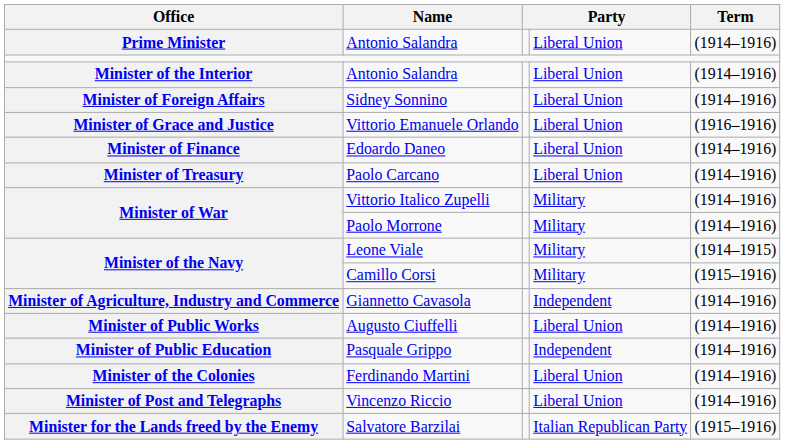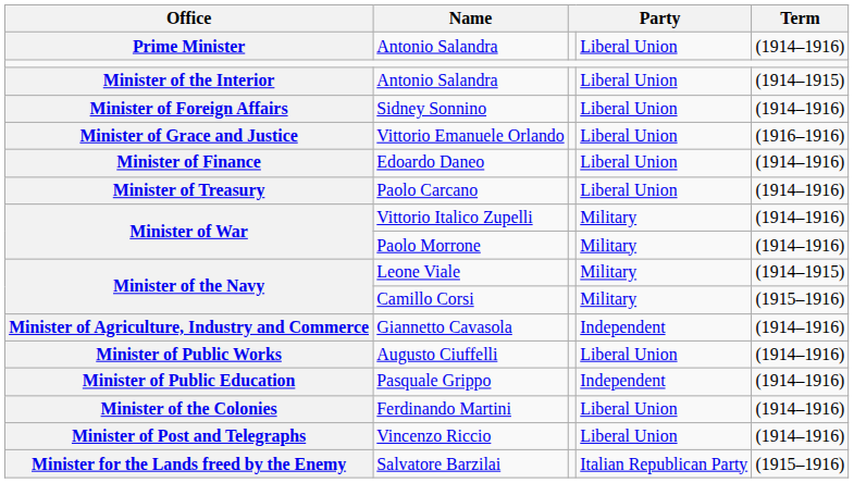 <table class="wikitable" style="font-size: 100%;">
 <tr>
 <th>Office</th>
 <th>Name</th>
 <th colspan=2>Party</th>
 <th>Term</th>
 </tr>
 <tr>
 <th><a href='#'>Prime Minister</a></th>
 <td><a href='#'>Antonio Salandra</a></td>
 <td style="color:inherit;background:"></td>
 <td><a href='#'>Liberal Union</a></td>
 <td>(1914–1916)</td>
 </tr>
 <tr>
 <td colspan=6></td>
 </tr>
 <tr>
 <th><a href='#'>Minister of the Interior</a></th>
 <td><a href='#'>Antonio Salandra</a></td>
 <td style="color:inherit;background:"></td>
 <td><a href='#'>Liberal Union</a></td>
-<td>(1914–1916)</td>
+<td>(1914–1915)</td>
 </tr>
 <tr>
 <th><a href='#'>Minister of Foreign Affairs</a></th>
 <td><a href='#'>Sidney Sonnino</a></td>
 <td style="color:inherit;background:"></td>
 <td><a href='#'>Liberal Union</a></td>
 <td>(1914–1916)</td>
 </tr>
 <tr>
 <th><a href='#'>Minister of Grace and Justice</a></th>
 <td><a href='#'>Vittorio Emanuele Orlando</a></td>
 <td style="color:inherit;background:"></td>
 <td><a href='#'>Liberal Union</a></td>
 <td>(1916–1916)</td>
 </tr>
 <tr>
 <th><a href='#'>Minister of Finance</a></th>
 <td><a href='#'>Edoardo Daneo</a></td>
 <td style="color:inherit;background:"></td>
 <td><a href='#'>Liberal Union</a></td>
 <td>(1914–1916)</td>
 </tr>
 <tr>
 <th><a href='#'>Minister of Treasury</a></th>
 <td><a href='#'>Paolo Carcano</a></td>
 <td style="color:inherit;background:"></td>
 <td><a href='#'>Liberal Union</a></td>
 <td>(1914–1916)</td>
 </tr>
 <tr>
 <th rowspan=2><a href='#'>Minister of War</a></th>
 <td><a href='#'>Vittorio Italico Zupelli</a></td>
 <td style="color:inherit;background:"></td>
 <td><a href='#'>Military</a></td>
 <td>(1914–1916)</td>
 </tr>
 <tr>
 <td><a href='#'>Paolo Morrone</a></td>
 <td style="color:inherit;background:"></td>
 <td><a href='#'>Military</a></td>
 <td>(1914–1916)</td>
 </tr>
 <tr>
 <th rowspan=2><a href='#'>Minister of the Navy</a></th>
 <td><a href='#'>Leone Viale</a></td>
 <td style="color:inherit;background:"></td>
 <td><a href='#'>Military</a></td>
 <td>(1914–1915)</td>
 </tr>
 <tr>
 <td><a href='#'>Camillo Corsi</a></td>
 <td style="color:inherit;background:"></td>
 <td><a href='#'>Military</a></td>
 <td>(1915–1916)</td>
 </tr>
 <tr>
 <th><a href='#'>Minister of Agriculture, Industry and Commerce</a></th>
 <td><a href='#'>Giannetto Cavasola</a></td>
 <td style="color:inherit;background:"></td>
 <td><a href='#'>Independent</a></td>
 <td>(1914–1916)</td>
 </tr>
 <tr>
 <th><a href='#'>Minister of Public Works</a></th>
 <td><a href='#'>Augusto Ciuffelli</a></td>
 <td style="color:inherit;background:"></td>
 <td><a href='#'>Liberal Union</a></td>
 <td>(1914–1916)</td>
 </tr>
 <tr>
 <th><a href='#'>Minister of Public Education</a></th>
 <td><a href='#'>Pasquale Grippo</a></td>
 <td style="color:inherit;background:"></td>
 <td><a href='#'>Independent</a></td>
 <td>(1914–1916)</td>
 </tr>
 <tr>
 <th><a href='#'>Minister of the Colonies</a></th>
 <td><a href='#'>Ferdinando Martini</a></td>
 <td style="color:inherit;background:"></td>
 <td><a href='#'>Liberal Union</a></td>
 <td>(1914–1916)</td>
 </tr>
 <tr>
 <th><a href='#'>Minister of Post and Telegraphs</a></th>
 <td><a href='#'>Vincenzo Riccio</a></td>
 <td style="color:inherit;background:"></td>
 <td><a href='#'>Liberal Union</a></td>
 <td>(1914–1916)</td>
 </tr>
 <tr>
 <th><a href='#'>Minister for the Lands freed by the Enemy</a></th>
 <td><a href='#'>Salvatore Barzilai</a></td>
 <td style="color:inherit;background:"></td>
 <td><a href='#'>Italian Republican Party</a></td>
 <td>(1915–1916)</td>
 </tr>
 </table>
